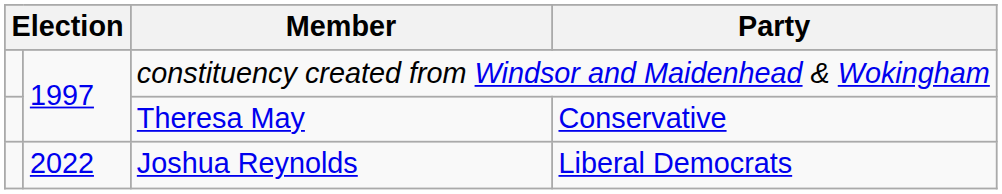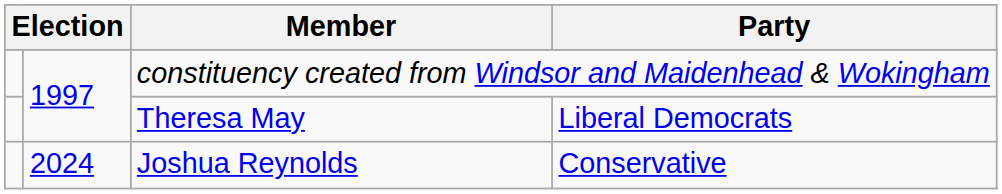 <table class="wikitable">
 <tr>
 <th colspan="2">Election</th>
 <th>Member</th>
 <th>Party</th>
 </tr>
 <tr>
 <td></td>
 <td rowspan=2><a href='#'>1997</a></td>
 <td colspan="3"><em>constituency created from <a href='#'>Windsor and Maidenhead</a> & <a href='#'>Wokingham</a></em></td>
 </tr>
 <tr>
 <td style="color:inherit;background-color: "></td>
 <td><a href='#'>Theresa May</a></td>
-<td><a href='#'>Conservative</a></td>
+<td><a href='#'>Liberal Democrats</a></td>
 </tr>
 <tr>
 <td style="color:inherit;background-color: "></td>
-<td><a href='#'>2022</a></td>
+<td><a href='#'>2024</a></td>
 <td><a href='#'>Joshua Reynolds</a></td>
-<td><a href='#'>Liberal Democrats</a></td>
+<td><a href='#'>Conservative</a></td>
 </tr>
 </table>
